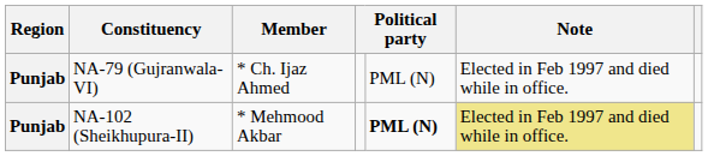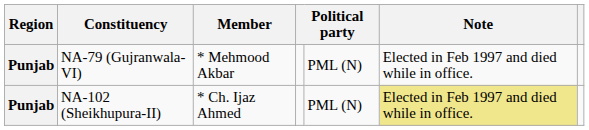 <table class="wikitable" style="width: 100%;">
 <tr>
 <th>Region</th>
 <th class="unsortable">Constituency</th>
 <th class="unsortable">Member</th>
 <th colspan="2">Political party</th>
 <th>Note</th>
 <th class="unsortable"></th>
 </tr>
 <tr |>
 <th>Punjab</th>
 <td>NA-79 (Gujranwala-VI)</td>
-<td>* Ch. Ijaz Ahmed</td>
+<td>* Mehmood Akbar</td>
 <td style="background-color: "></td>
 <td>PML (N)</td>
 <td>Elected in Feb 1997 and died while in office.</td>
 <td></td>
 </tr>
 <tr |>
 <th>Punjab</th>
 <td>NA-102 (Sheikhupura-II)</td>
-<td>* Mehmood Akbar</td>
+<td>* Ch. Ijaz Ahmed</td>
 <td style="background-color: "></td>
-<td><strong>PML (N)</strong></td>
+<td>PML (N)</td>
 <td style="background: khaki;">Elected in Feb 1997 and died while in office.</td>
 <td></td>
 </tr>
 </table>
